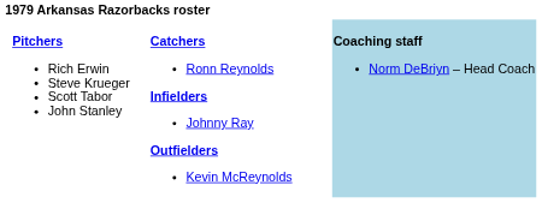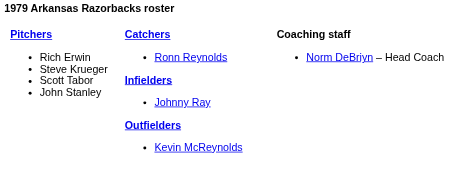 <table class="toccolours" style="text-align: left; font-size:90%;">
 <tr>
 <th colspan="9">1979 Arkansas Razorbacks roster</th>
 </tr>
 <tr>
 <td width="03"> </td>
 <td valign="top"><br><strong><a href='#'>Pitchers</a></strong><ul><li>Rich Erwin</li><li>Steve Krueger</li><li>Scott Tabor</li><li>John Stanley</li></ul></td>
 <td width="15"> </td>
 <td valign="top"><br><strong><a href='#'>Catchers</a></strong><ul><li><a href='#'>Ronn Reynolds</a></li></ul><strong><a href='#'>Infielders</a></strong><ul><li><a href='#'>Johnny Ray</a></li></ul><strong><a href='#'>Outfielders</a></strong><ul><li><a href='#'>Kevin McReynolds</a></li></ul></td>
 <td width="15"> </td>
 <td valign="top"></td>
 <td width="15"> </td>
-<td valign="top" style="background: lightblue;"><br><strong>Coaching staff</strong><ul><li><a href='#'>Norm DeBriyn</a> –  Head Coach</li></ul></td>
+<td valign="top"><br><strong>Coaching staff</strong><ul><li><a href='#'>Norm DeBriyn</a> –  Head Coach</li></ul></td>
 </tr>
 </table>
